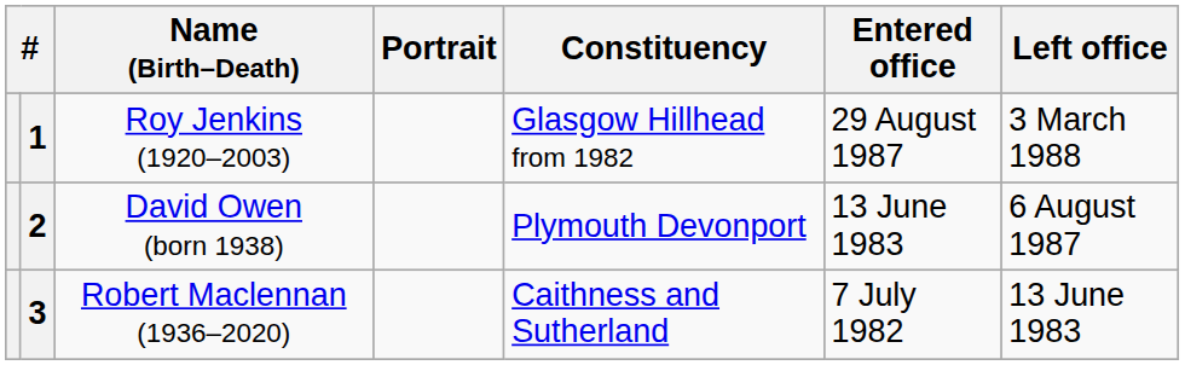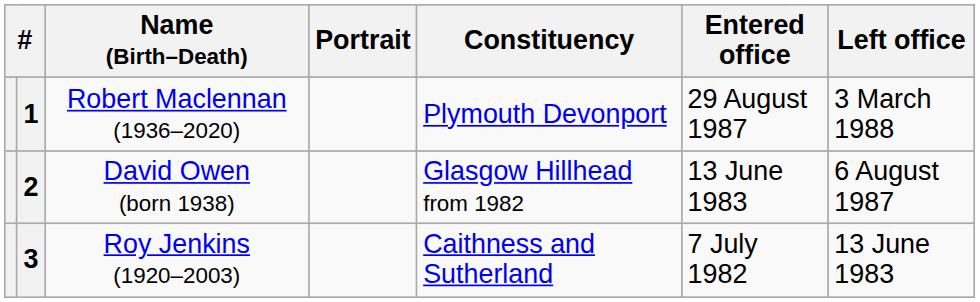 <table class="wikitable">
 <tr>
 <th colspan=2>#</th>
 <th width=150>Name<br><small>(Birth–Death)</small></th>
 <th>Portrait</th>
 <th width=150>Constituency</th>
 <th width=80>Entered office</th>
 <th width=80>Left office</th>
 </tr>
 <tr>
 <th style="background:"></th>
 <th>1</th>
-<td style="text-align:center;"><a href='#'>Roy Jenkins</a><br><small>(1920–2003)</small></td>
+<td style="text-align:center;"><a href='#'>Robert Maclennan</a><br><small>(1936–2020)</small></td>
 <td></td>
-<td><a href='#'>Glasgow Hillhead</a> <small>from 1982</small></td>
+<td><a href='#'>Plymouth Devonport</a></td>
 <td>29 August 1987</td>
 <td>3 March 1988</td>
 </tr>
 <tr>
 <th style="background:"></th>
 <th>2</th>
 <td style="text-align:center;"><a href='#'>David Owen</a><br><small>(born 1938)</small></td>
 <td></td>
-<td><a href='#'>Plymouth Devonport</a></td>
+<td><a href='#'>Glasgow Hillhead</a> <small>from 1982</small></td>
 <td>13 June 1983</td>
 <td>6 August 1987</td>
 </tr>
 <tr>
 <th style="background:"></th>
 <th>3</th>
-<td style="text-align:center;"><a href='#'>Robert Maclennan</a><br><small>(1936–2020)</small></td>
+<td style="text-align:center;"><a href='#'>Roy Jenkins</a><br><small>(1920–2003)</small></td>
 <td></td>
 <td><a href='#'>Caithness and Sutherland</a></td>
 <td>7 July 1982</td>
 <td>13 June 1983</td>
 </tr>
 </table>
